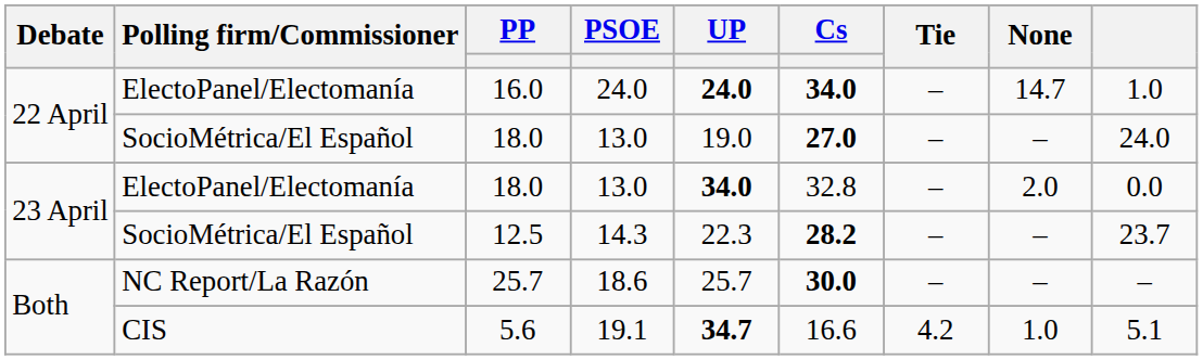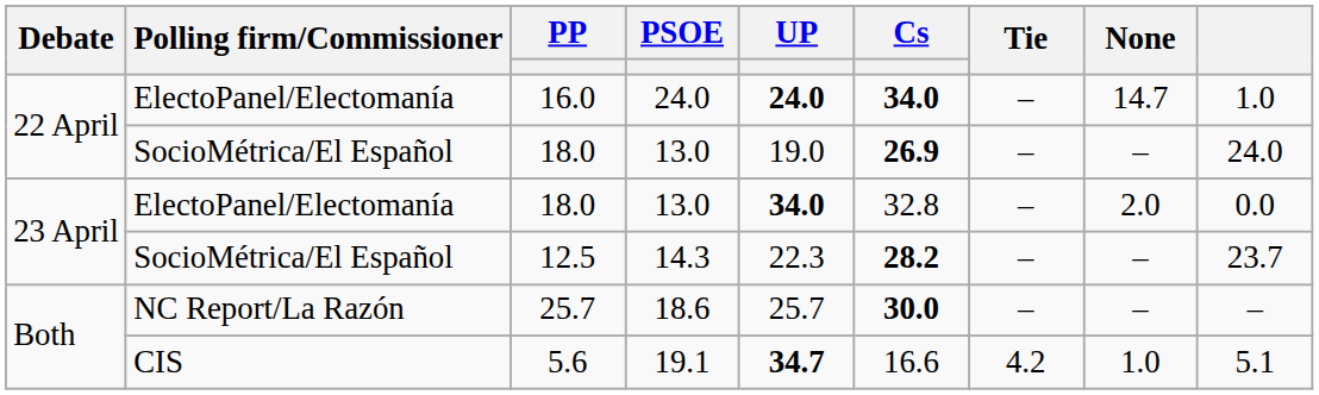 <table class="wikitable" style="font-size:90%; text-align:center;">
 <tr>
 <th rowspan="2">Debate</th>
 <th rowspan="2">Polling firm/Commissioner</th>
 <th style="width:45px;"><a href='#'>PP</a></th>
 <th style="width:45px;"><a href='#'>PSOE</a></th>
 <th style="width:45px;"><a href='#'>UP</a></th>
 <th style="width:45px;"><a href='#'>Cs</a></th>
 <th style="width:45px;" rowspan="2">Tie</th>
 <th style="width:45px;" rowspan="2">None</th>
 <th style="width:45px;" rowspan="2"></th>
 </tr>
 <tr>
 <th style="color:inherit;background:"></th>
 <th style="color:inherit;background:"></th>
 <th style="color:inherit;background:"></th>
 <th style="color:inherit;background:"></th>
 </tr>
 <tr>
 <td rowspan="2" align="left">22 April</td>
 <td align="left">ElectoPanel/Electomanía</td>
 <td>16.0</td>
 <td>24.0</td>
 <td><strong>24.0</strong></td>
 <td><strong>34.0</strong></td>
 <td>–</td>
 <td>14.7</td>
 <td>1.0</td>
 </tr>
 <tr>
 <td align="left">SocioMétrica/El Español</td>
 <td>18.0</td>
 <td>13.0</td>
 <td>19.0</td>
-<td><strong>27.0</strong></td>
+<td><strong>26.9</strong></td>
 <td>–</td>
 <td>–</td>
 <td>24.0</td>
 </tr>
 <tr>
 <td rowspan="2" align="left">23 April</td>
 <td align="left">ElectoPanel/Electomanía</td>
 <td>18.0</td>
 <td>13.0</td>
 <td><strong>34.0</strong></td>
 <td>32.8</td>
 <td>–</td>
 <td>2.0</td>
 <td>0.0</td>
 </tr>
 <tr>
 <td align="left">SocioMétrica/El Español</td>
 <td>12.5</td>
 <td>14.3</td>
 <td>22.3</td>
 <td><strong>28.2</strong></td>
 <td>–</td>
 <td>–</td>
 <td>23.7</td>
 </tr>
 <tr>
 <td rowspan="2" align="left">Both</td>
 <td align="left">NC Report/La Razón</td>
 <td>25.7</td>
 <td>18.6</td>
 <td>25.7</td>
 <td><strong>30.0</strong></td>
 <td>–</td>
 <td>–</td>
 <td>–</td>
 </tr>
 <tr>
 <td align="left">CIS</td>
 <td>5.6</td>
 <td>19.1</td>
 <td><strong>34.7</strong></td>
 <td>16.6</td>
 <td>4.2</td>
 <td>1.0</td>
 <td>5.1</td>
 </tr>
 </table>
